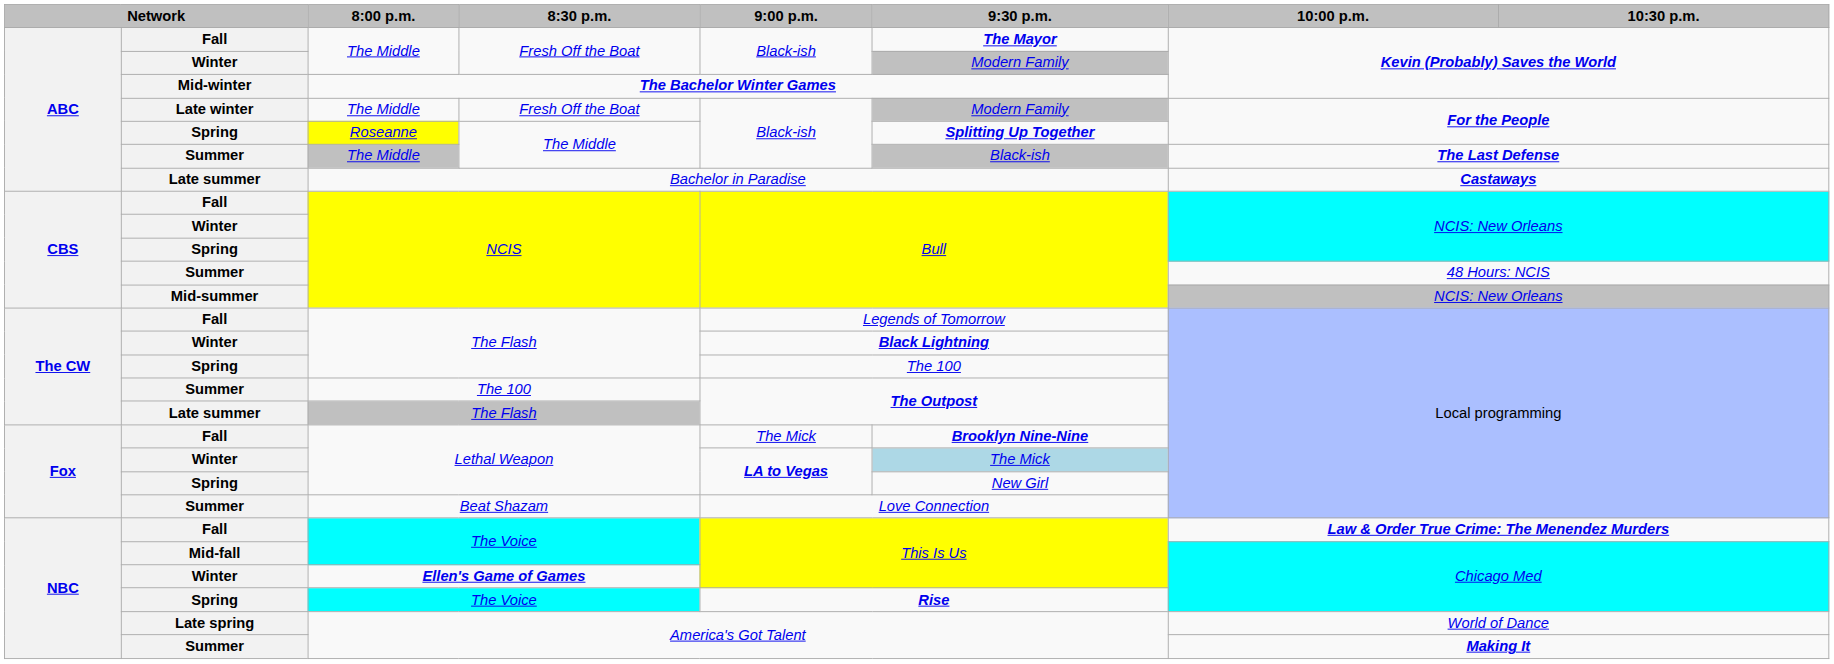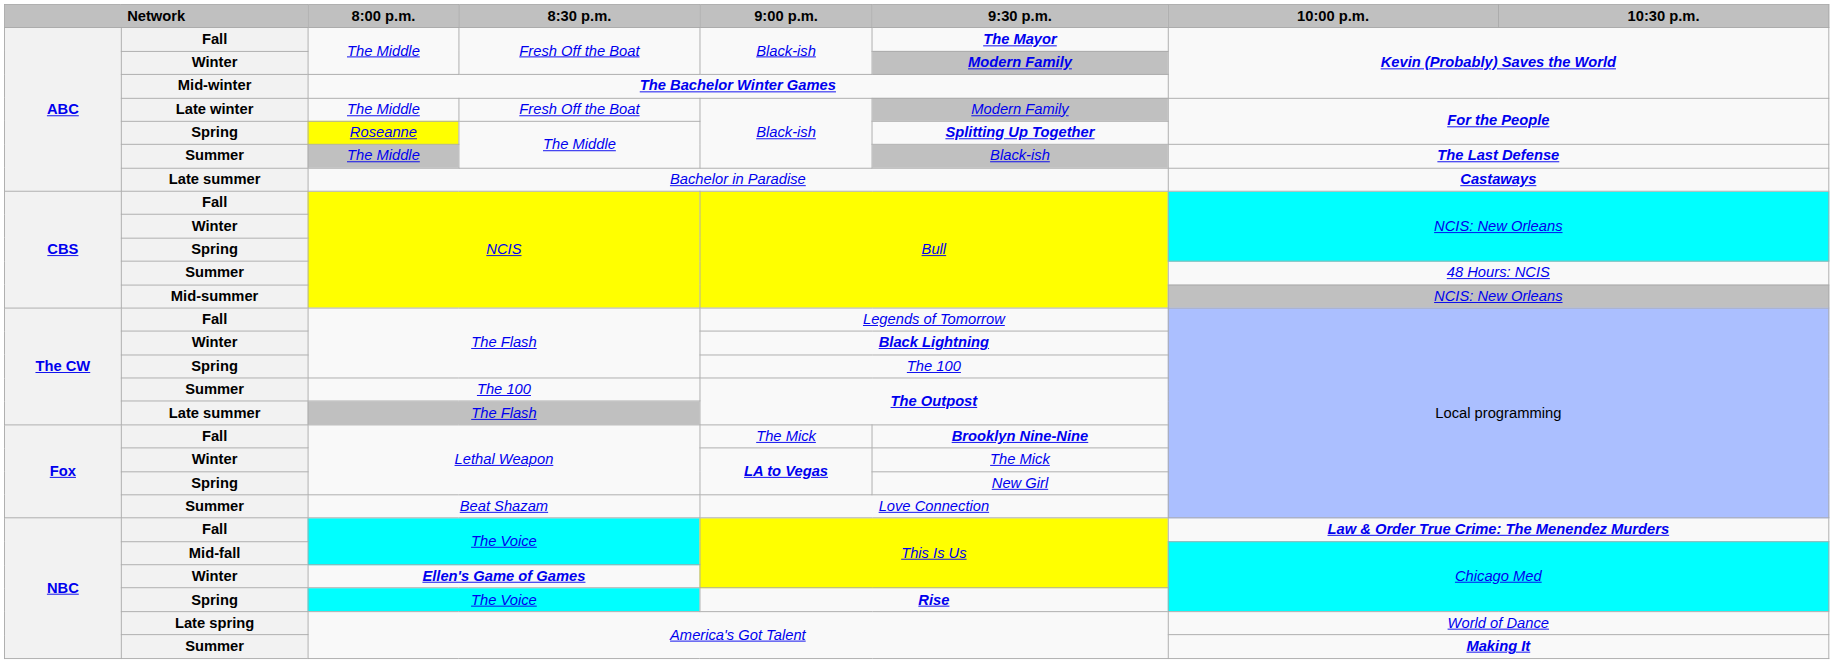 <table class="wikitable" style="width:100%;margin-right:0;text-align:center">
 <tr>
 <th colspan="2" style="background-color:#C0C0C0;text-align:center">Network</th>
 <th style="background-color:#C0C0C0;text-align:center">8:00 p.m.</th>
 <th style="background-color:#C0C0C0;text-align:center">8:30 p.m.</th>
 <th style="background-color:#C0C0C0;text-align:center">9:00 p.m.</th>
 <th style="background-color:#C0C0C0;text-align:center">9:30 p.m.</th>
 <th style="background-color:#C0C0C0;text-align:center">10:00 p.m.</th>
 <th style="background-color:#C0C0C0;text-align:center">10:30 p.m.</th>
 </tr>
 <tr>
 <th rowspan="7"><a href='#'>ABC</a></th>
 <th>Fall</th>
 <td rowspan="2"><em><a href='#'>The Middle</a></em></td>
 <td rowspan="2"><em><a href='#'>Fresh Off the Boat</a></em></td>
 <td rowspan="2"><em><a href='#'>Black-ish</a></em></td>
 <td><strong><em><a href='#'>The Mayor</a></em></strong></td>
 <td rowspan="3" colspan="2"><strong><em><a href='#'>Kevin (Probably) Saves the World</a></em></strong></td>
 </tr>
 <tr>
 <th>Winter</th>
-<td style="background:#C0C0C0;"><em><a href='#'>Modern Family</a></em> </td>
+<td style="background:#C0C0C0;"><strong><em><a href='#'>Modern Family</a></em> </strong></td>
 </tr>
 <tr>
 <th>Mid-winter</th>
 <td colspan="4"><strong><em><a href='#'>The Bachelor Winter Games</a></em></strong></td>
 </tr>
 <tr>
 <th>Late winter</th>
 <td><em><a href='#'>The Middle</a></em></td>
 <td><em><a href='#'>Fresh Off the Boat</a></em></td>
 <td rowspan="3"><em><a href='#'>Black-ish</a></em></td>
 <td style="background:#C0C0C0;"><em><a href='#'>Modern Family</a></em> </td>
 <td rowspan="2" colspan="2"><strong><em><a href='#'>For the People</a></em></strong></td>
 </tr>
 <tr>
 <th>Spring</th>
 <td style="background:#FFFF00;"><em><a href='#'>Roseanne</a></em> </td>
 <td rowspan="2"><em><a href='#'>The Middle</a></em></td>
 <td><strong><em><a href='#'>Splitting Up Together</a></em></strong></td>
 </tr>
 <tr>
 <th>Summer</th>
 <td style="background:#C0C0C0;"><em><a href='#'>The Middle</a></em> </td>
 <td style="background:#C0C0C0;"><em><a href='#'>Black-ish</a></em> </td>
 <td colspan="2"><strong><em><a href='#'>The Last Defense</a></em></strong></td>
 </tr>
 <tr>
 <th>Late summer</th>
 <td colspan="4"><em><a href='#'>Bachelor in Paradise</a></em></td>
 <td colspan="2"><strong><em><a href='#'>Castaways</a></em></strong></td>
 </tr>
 <tr>
 <th rowspan="5"><a href='#'>CBS</a></th>
 <th>Fall</th>
 <td rowspan="5" colspan="2" style="background:#FFFF00;"><em><a href='#'>NCIS</a></em> </td>
 <td rowspan="5" colspan="2" style="background:#FFFF00;"><em><a href='#'>Bull</a></em> </td>
 <td rowspan="3" colspan="2" style="background:#00FFFF;"><em><a href='#'>NCIS: New Orleans</a></em> </td>
 </tr>
 <tr>
 <th>Winter</th>
 </tr>
 <tr>
 <th>Spring</th>
 </tr>
 <tr>
 <th>Summer</th>
 <td colspan="2"><em><a href='#'>48 Hours: NCIS</a></em></td>
 </tr>
 <tr>
 <th>Mid-summer</th>
 <td colspan="2" style="background:#C0C0C0;"><em><a href='#'>NCIS: New Orleans</a></em> </td>
 </tr>
 <tr>
 <th rowspan="5"><a href='#'>The CW</a></th>
 <th>Fall</th>
 <td rowspan="3" colspan="2"><em><a href='#'>The Flash</a></em></td>
 <td colspan="2"><em><a href='#'>Legends of Tomorrow</a></em></td>
 <td rowspan="9" colspan="2" style="background:#abbfff;">Local programming</td>
 </tr>
 <tr>
 <th>Winter</th>
 <td colspan="2"><strong><em><a href='#'>Black Lightning</a></em></strong></td>
 </tr>
 <tr>
 <th>Spring</th>
 <td colspan="2"><em><a href='#'>The 100</a></em></td>
 </tr>
 <tr>
 <th>Summer</th>
 <td colspan="2"><em><a href='#'>The 100</a></em></td>
 <td rowspan="2" colspan="2"><strong><em><a href='#'>The Outpost</a></em></strong></td>
 </tr>
 <tr>
 <th>Late summer</th>
 <td colspan="2" style="background:#C0C0C0;"><em><a href='#'>The Flash</a></em> </td>
 </tr>
 <tr>
 <th rowspan="4"><a href='#'>Fox</a></th>
 <th>Fall</th>
 <td rowspan="3" colspan="2"><em><a href='#'>Lethal Weapon</a></em></td>
 <td><em><a href='#'>The Mick</a></em></td>
 <td><strong><em><a href='#'>Brooklyn Nine-Nine</a></em></strong></td>
 </tr>
 <tr>
 <th>Winter</th>
 <td rowspan="2"><strong><em><a href='#'>LA to Vegas</a></em></strong></td>
-<td style="background: lightblue;"><em><a href='#'>The Mick</a></em></td>
+<td><em><a href='#'>The Mick</a></em></td>
 </tr>
 <tr>
 <th>Spring</th>
 <td><em><a href='#'>New Girl</a></em></td>
 </tr>
 <tr>
 <th>Summer</th>
 <td colspan="2"><em><a href='#'>Beat Shazam</a></em></td>
 <td colspan="2"><em><a href='#'>Love Connection</a></em></td>
 </tr>
 <tr>
 <th rowspan="6"><a href='#'>NBC</a></th>
 <th>Fall</th>
 <td rowspan="2" colspan="2" style="background:#00FFFF;"><em><a href='#'>The Voice</a></em> </td>
 <td rowspan="3" colspan="2" style="background:#FFFF00;"><em><a href='#'>This Is Us</a></em> </td>
 <td colspan="2"><strong><em><a href='#'>Law & Order True Crime: The Menendez Murders</a></em></strong></td>
 </tr>
 <tr>
 <th>Mid-fall</th>
 <td rowspan="3" colspan="2" style="background:#00FFFF;"><em><a href='#'>Chicago Med</a></em> </td>
 </tr>
 <tr>
 <th>Winter</th>
 <td colspan="2"><strong><em><a href='#'>Ellen's Game of Games</a></em></strong></td>
 </tr>
 <tr>
 <th>Spring</th>
 <td colspan="2" style="background:#00FFFF;"><em><a href='#'>The Voice</a></em> </td>
 <td colspan="2"><strong><em><a href='#'>Rise</a></em></strong></td>
 </tr>
 <tr>
 <th>Late spring</th>
 <td rowspan="2" colspan="4"><em><a href='#'>America's Got Talent</a></em></td>
 <td colspan="2"><em><a href='#'>World of Dance</a></em></td>
 </tr>
 <tr>
 <th>Summer</th>
 <td colspan="2"><strong><em><a href='#'>Making It</a></em></strong></td>
 </tr>
 </table>
